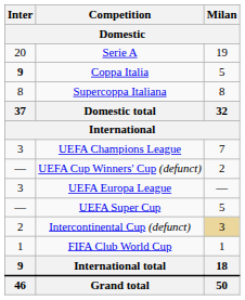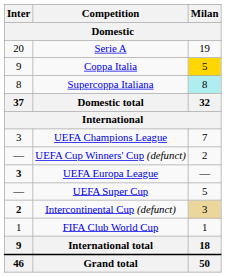 <table class="wikitable sortable"  style="width:auto; font-size:90%">
 <tr>
 <th>Inter</th>
 <th>Competition</th>
 <th>Milan</th>
 </tr>
 <tr style="text-align:center;">
 <th colspan="3">Domestic</th>
 </tr>
 <tr style="text-align:center;">
 <td>20</td>
 <td><a href='#'>Serie A</a></td>
 <td>19</td>
 </tr>
 <tr style="text-align:center;">
-<td><strong>9</strong></td>
+<td>9</td>
 <td><a href='#'>Coppa Italia</a></td>
-<td>5</td>
+<td style="background: gold;">5</td>
 </tr>
 <tr style="text-align:center;">
 <td>8</td>
 <td><a href='#'>Supercoppa Italiana</a></td>
-<td>8</td>
+<td style="background: paleturquoise;">8</td>
 </tr>
 <tr style="text-align:center;">
 <th>37</th>
 <th>Domestic total</th>
 <th>32</th>
 </tr>
 <tr style="text-align:center;">
 <th colspan="3">International</th>
 </tr>
 <tr style="text-align:center;">
 <td>3</td>
 <td><a href='#'>UEFA Champions League</a></td>
 <td>7</td>
 </tr>
 <tr style="text-align:center;">
 <td>—</td>
 <td><a href='#'>UEFA Cup Winners' Cup</a> <em>(defunct)</em></td>
 <td>2</td>
 </tr>
 <tr style="text-align:center;">
-<td>3</td>
+<td><strong>3</strong></td>
 <td><a href='#'>UEFA Europa League</a></td>
 <td>—</td>
 </tr>
 <tr style="text-align:center;">
 <td>—</td>
 <td><a href='#'>UEFA Super Cup</a></td>
 <td>5</td>
 </tr>
 <tr style="text-align: center;">
-<td>2</td>
+<td><strong>2</strong></td>
 <td><a href='#'>Intercontinental Cup</a> <em>(defunct)</em></td>
 <td style=background:#EBD79B>3</td>
 </tr>
 <tr style="text-align:center;">
 <td>1</td>
 <td><a href='#'>FIFA Club World Cup</a></td>
 <td>1</td>
 </tr>
 <tr style="text-align:center;">
 <th>9</th>
 <th>International total</th>
 <th>18</th>
 </tr>
 <tr style="text-align:center; border-top: 2px solid black;">
 <th>46</th>
 <th>Grand total</th>
 <th>50</th>
 </tr>
 </table>
